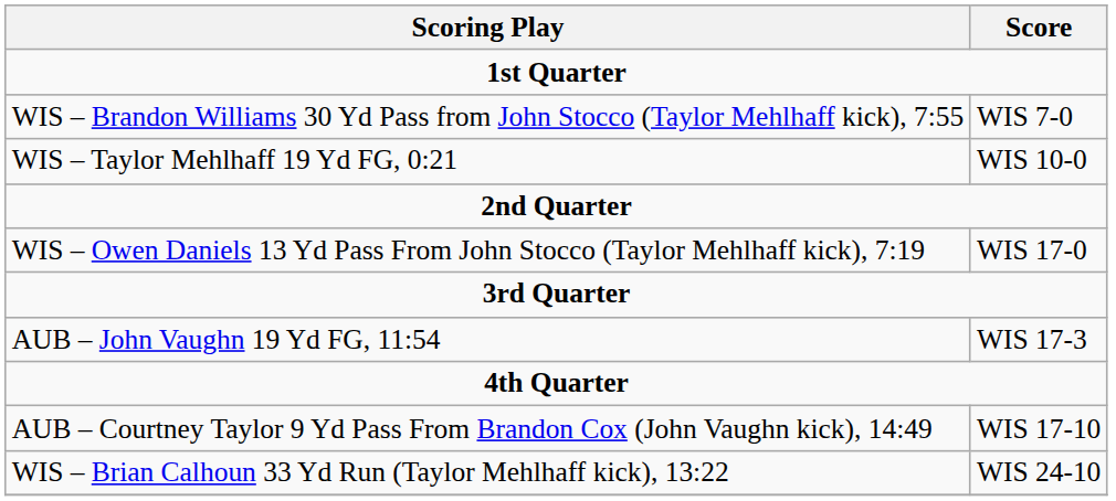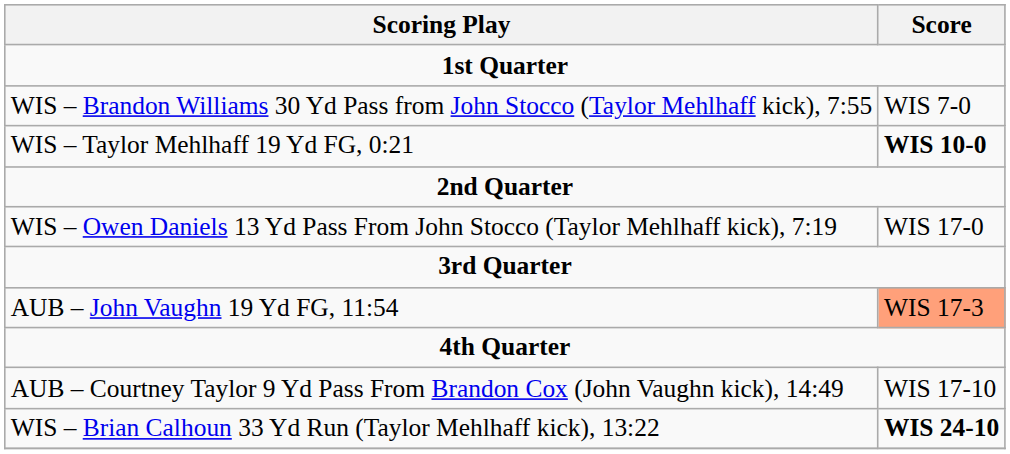 <table class="wikitable">
 <tr>
 <th>Scoring Play</th>
 <th>Score</th>
 </tr>
 <tr>
 <td colspan="4" align="center"><strong>1st Quarter</strong></td>
 </tr>
 <tr>
 <td>WIS – <a href='#'>Brandon Williams</a> 30 Yd Pass from <a href='#'>John Stocco</a> (<a href='#'>Taylor Mehlhaff</a> kick), 7:55</td>
 <td>WIS 7-0</td>
 </tr>
 <tr>
 <td>WIS – Taylor Mehlhaff 19 Yd FG, 0:21</td>
-<td>WIS 10-0</td>
+<td><strong>WIS 10-0</strong></td>
 </tr>
 <tr>
 <td colspan="4" align="center"><strong>2nd Quarter</strong></td>
 </tr>
 <tr>
 <td>WIS – <a href='#'>Owen Daniels</a> 13 Yd Pass From John Stocco (Taylor Mehlhaff kick), 7:19</td>
 <td>WIS 17-0</td>
 </tr>
 <tr>
 <td colspan="4" align="center"><strong>3rd Quarter</strong></td>
 </tr>
 <tr>
 <td>AUB – <a href='#'>John Vaughn</a> 19 Yd FG, 11:54</td>
-<td>WIS 17-3</td>
+<td style="background: lightsalmon;">WIS 17-3</td>
 </tr>
 <tr>
 <td colspan="4" align="center"><strong>4th Quarter</strong></td>
 </tr>
 <tr>
 <td>AUB – Courtney Taylor 9 Yd Pass From <a href='#'>Brandon Cox</a> (John Vaughn kick), 14:49</td>
 <td>WIS 17-10</td>
 </tr>
 <tr>
 <td>WIS – <a href='#'>Brian Calhoun</a> 33 Yd Run (Taylor Mehlhaff kick), 13:22</td>
-<td>WIS 24-10</td>
+<td><strong>WIS 24-10</strong></td>
 </tr>
 <tr>
 </tr>
 </table>
